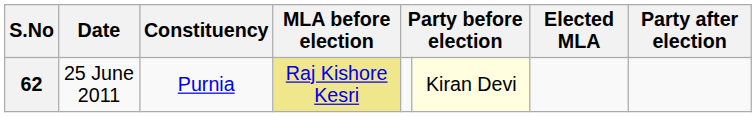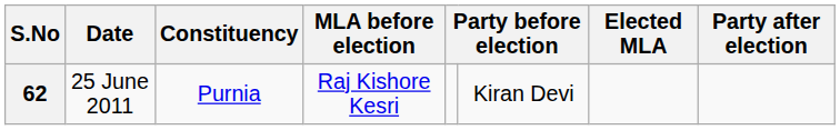 <table class="wikitable sortable" style="text-align:center;">
 <tr>
 <th>S.No</th>
 <th>Date</th>
 <th>Constituency</th>
 <th>MLA before election</th>
 <th colspan="2">Party before election</th>
 <th>Elected MLA</th>
 <th colspan="2">Party after election</th>
 </tr>
 <tr>
 <th>62</th>
 <td>25 June 2011</td>
 <td><a href='#'>Purnia</a></td>
-<td style="background: khaki;"><a href='#'>Raj Kishore Kesri</a></td>
+<td><a href='#'>Raj Kishore Kesri</a></td>
 <td></td>
-<td style="background: lightyellow;">Kiran Devi</td>
+<td>Kiran Devi</td>
 <td></td>
 </tr>
 </table>
